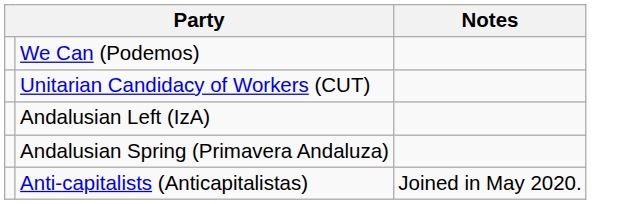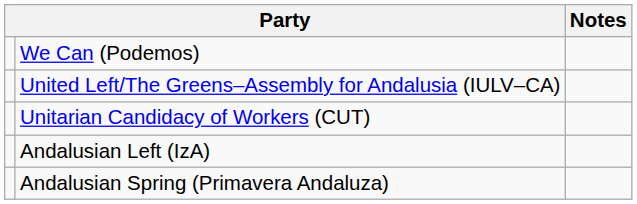 <table class="wikitable" style="text-align:left;">
 <tr>
 <th colspan="2">Party</th>
 <th>Notes</th>
 </tr>
 <tr>
 <td width="1"></td>
 <td><a href='#'>We Can</a> (Podemos)</td>
+<td></td>
+</tr>
+<tr>
+<td></td>
+<td><a href='#'>United Left/The Greens–Assembly for Andalusia</a> (IULV–CA)</td>
 <td></td>
 </tr>
 <tr>
 <td></td>
 <td><a href='#'>Unitarian Candidacy of Workers</a> (CUT)</td>
 <td></td>
 </tr>
 <tr>
 <td></td>
 <td>Andalusian Left (IzA)</td>
 <td></td>
 </tr>
 <tr>
 <td></td>
 <td>Andalusian Spring (Primavera Andaluza)</td>
 <td></td>
 </tr>
-<tr>
-<td></td>
-<td><a href='#'>Anti-capitalists</a> (Anticapitalistas)</td>
-<td>Joined in May 2020.</td>
-</tr>
 </table>
